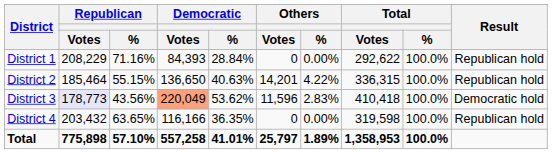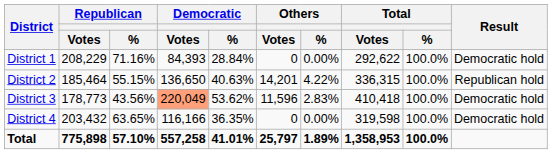 <table class="wikitable plainrowheaders sortable" style="font-size:100%; text-align:right;">
 <tr>
 <th scope=col rowspan=3><a href='#'>District</a></th>
 <th scope=col colspan=2><a href='#'>Republican</a></th>
 <th scope=col colspan=2><a href='#'>Democratic</a></th>
 <th scope=col colspan=2>Others</th>
 <th scope=col colspan=2>Total</th>
 <th scope=col rowspan=3>Result</th>
 </tr>
 <tr>
 <th scope=col colspan=2 style="background:"></th>
 <th scope=col colspan=2 style="background:"></th>
 <th scope=col colspan=2></th>
 <th scope=col colspan=2></th>
 </tr>
 <tr>
 <th scope=col data-sort-type="number">Votes</th>
 <th scope=col data-sort-type="number">%</th>
 <th scope=col data-sort-type="number">Votes</th>
 <th scope=col data-sort-type="number">%</th>
 <th scope=col data-sort-type="number">Votes</th>
 <th scope=col data-sort-type="number">%</th>
 <th scope=col data-sort-type="number">Votes</th>
 <th scope=col data-sort-type="number">%</th>
 </tr>
 <tr>
 <td align=left><a href='#'>District 1</a></td>
 <td>208,229</td>
 <td>71.16%</td>
 <td>84,393</td>
 <td>28.84%</td>
 <td>0</td>
 <td>0.00%</td>
 <td>292,622</td>
 <td>100.0%</td>
-<td>Republican hold</td>
+<td>Democratic hold</td>
 </tr>
 <tr>
 <td align=left><a href='#'>District 2</a></td>
 <td>185,464</td>
 <td>55.15%</td>
 <td>136,650</td>
 <td>40.63%</td>
 <td>14,201</td>
 <td>4.22%</td>
 <td>336,315</td>
 <td>100.0%</td>
 <td>Republican hold</td>
 </tr>
 <tr>
 <td align=left><a href='#'>District 3</a></td>
-<td style="background: lavender;">178,773</td>
+<td>178,773</td>
 <td>43.56%</td>
 <td style="background: lightsalmon;">220,049</td>
 <td>53.62%</td>
 <td>11,596</td>
 <td>2.83%</td>
 <td>410,418</td>
 <td>100.0%</td>
 <td>Democratic hold</td>
 </tr>
 <tr>
 <td align=left><a href='#'>District 4</a></td>
 <td>203,432</td>
 <td>63.65%</td>
 <td>116,166</td>
 <td>36.35%</td>
 <td>0</td>
 <td>0.00%</td>
 <td>319,598</td>
 <td>100.0%</td>
-<td>Republican hold</td>
+<td>Democratic hold</td>
 </tr>
 <tr class="sortbottom" style="font-weight:bold">
 <td align=left>Total</td>
 <td>775,898</td>
 <td>57.10%</td>
 <td>557,258</td>
 <td>41.01%</td>
 <td>25,797</td>
 <td>1.89%</td>
 <td>1,358,953</td>
 <td>100.0%</td>
 <td></td>
 </tr>
 </table>
